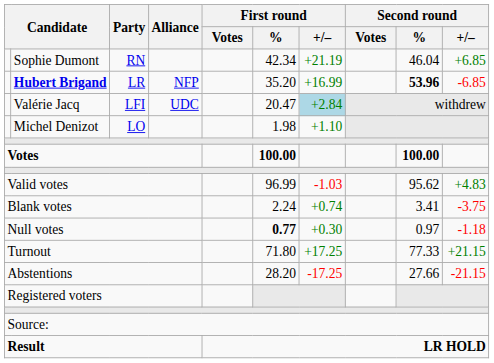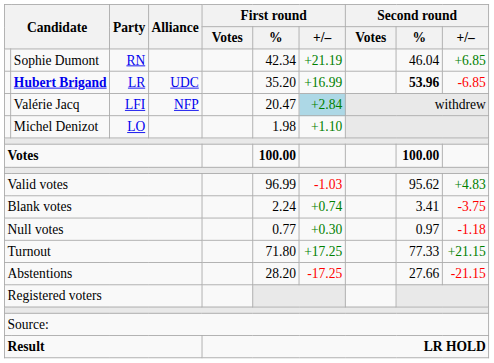 <table class="wikitable" style="text-align:right;font-size:95%;">
 <tr>
 <th rowspan="2" colspan="2">Candidate</th>
 <th colspan="1" rowspan="2">Party</th>
 <th colspan="1" rowspan="2">Alliance</th>
 <th colspan="3">First round</th>
 <th colspan="3">Second round</th>
 </tr>
 <tr>
 <th style="width:50px;">Votes</th>
 <th style="width:45px;">%</th>
 <th style="width:45px;">+/–</th>
 <th style="width:50px;">Votes</th>
 <th style="width:45px;">%</th>
 <th style="width:45px;">+/–</th>
 </tr>
 <tr>
 <td style="color:inherit;background:"></td>
 <td style="text-align:left;">Sophie Dumont</td>
 <td><a href='#'>RN</a></td>
 <td></td>
 <td></td>
 <td>42.34</td>
 <td style="color:green;">+21.19</td>
 <td></td>
 <td>46.04</td>
 <td style="color:green;">+6.85</td>
 </tr>
 <tr>
 <td style="color:inherit;background:"></td>
 <td style="text-align:left;"><strong><a href='#'>Hubert Brigand</a></strong></td>
 <td><a href='#'>LR</a></td>
-<td><a href='#'>NFP</a></td>
+<td><a href='#'>UDC</a></td>
 <td></td>
 <td>35.20</td>
 <td style="color:green;">+16.99</td>
 <td><strong></strong></td>
 <td><strong>53.96</strong></td>
 <td style="color:red;">-6.85</td>
 </tr>
 <tr>
 <td style="color:inherit;background:"></td>
 <td style="text-align:left;">Valérie Jacq</td>
 <td><a href='#'>LFI</a></td>
-<td><a href='#'>UDC</a></td>
+<td><a href='#'>NFP</a></td>
 <td></td>
 <td>20.47</td>
 <td style="background: lightblue; color:green;">+2.84</td>
 <td colspan="3" style="background:#E9E9E9;">withdrew</td>
 </tr>
 <tr>
 <td style="color:inherit;background:"></td>
 <td style="text-align:left;">Michel Denizot</td>
 <td><a href='#'>LO</a></td>
 <td></td>
 <td></td>
 <td>1.98</td>
 <td style="color:green;">+1.10</td>
 <td colspan="3" style="background:#E9E9E9;"></td>
 </tr>
 <tr>
 <td colspan="10" style="background:#E9E9E9;"></td>
 </tr>
 <tr style="font-weight:bold;">
 <td colspan="4" style="text-align:left;">Votes</td>
 <td></td>
 <td>100.00</td>
 <td></td>
 <td></td>
 <td>100.00</td>
 <td></td>
 </tr>
 <tr>
 <td colspan="10" style="background:#E9E9E9;"></td>
 </tr>
 <tr>
 <td colspan="4" style="text-align:left;">Valid votes</td>
 <td></td>
 <td>96.99</td>
 <td style="color:red;">-1.03</td>
 <td></td>
 <td>95.62</td>
 <td style="color:green;">+4.83</td>
 </tr>
 <tr>
 <td colspan="4" style="text-align:left;">Blank votes</td>
 <td></td>
 <td>2.24</td>
 <td style="color:green;">+0.74</td>
 <td></td>
 <td>3.41</td>
 <td style="color:red;">-3.75</td>
 </tr>
 <tr>
 <td colspan="4" style="text-align:left;">Null votes</td>
 <td></td>
-<td><strong>0.77</strong></td>
+<td>0.77</td>
 <td style="color:green;">+0.30</td>
 <td></td>
 <td>0.97</td>
 <td style="color:red;">-1.18</td>
 </tr>
 <tr>
 <td colspan="4" style="text-align:left;">Turnout</td>
 <td></td>
 <td>71.80</td>
 <td style="color:green;">+17.25</td>
 <td></td>
 <td>77.33</td>
 <td style="color:green;">+21.15</td>
 </tr>
 <tr>
 <td colspan="4" style="text-align:left;">Abstentions</td>
 <td></td>
 <td>28.20</td>
 <td style="color:red;">-17.25</td>
 <td></td>
 <td>27.66</td>
 <td style="color:red;">-21.15</td>
 </tr>
 <tr>
 <td colspan="4" style="text-align:left;">Registered voters</td>
 <td></td>
 <td colspan="2" style="background:#E9E9E9;"></td>
 <td></td>
 <td colspan="2" style="background:#E9E9E9;"></td>
 </tr>
 <tr>
 <td colspan="10" style="background:#E9E9E9;"></td>
 </tr>
 <tr>
 <td colspan="10" style="text-align:left;">Source: </td>
 </tr>
 <tr style="font-weight:bold">
 <td colspan="4" style="text-align:left;">Result</td>
 <td colspan="6" style="background-color:">LR HOLD</td>
 </tr>
 </table>
